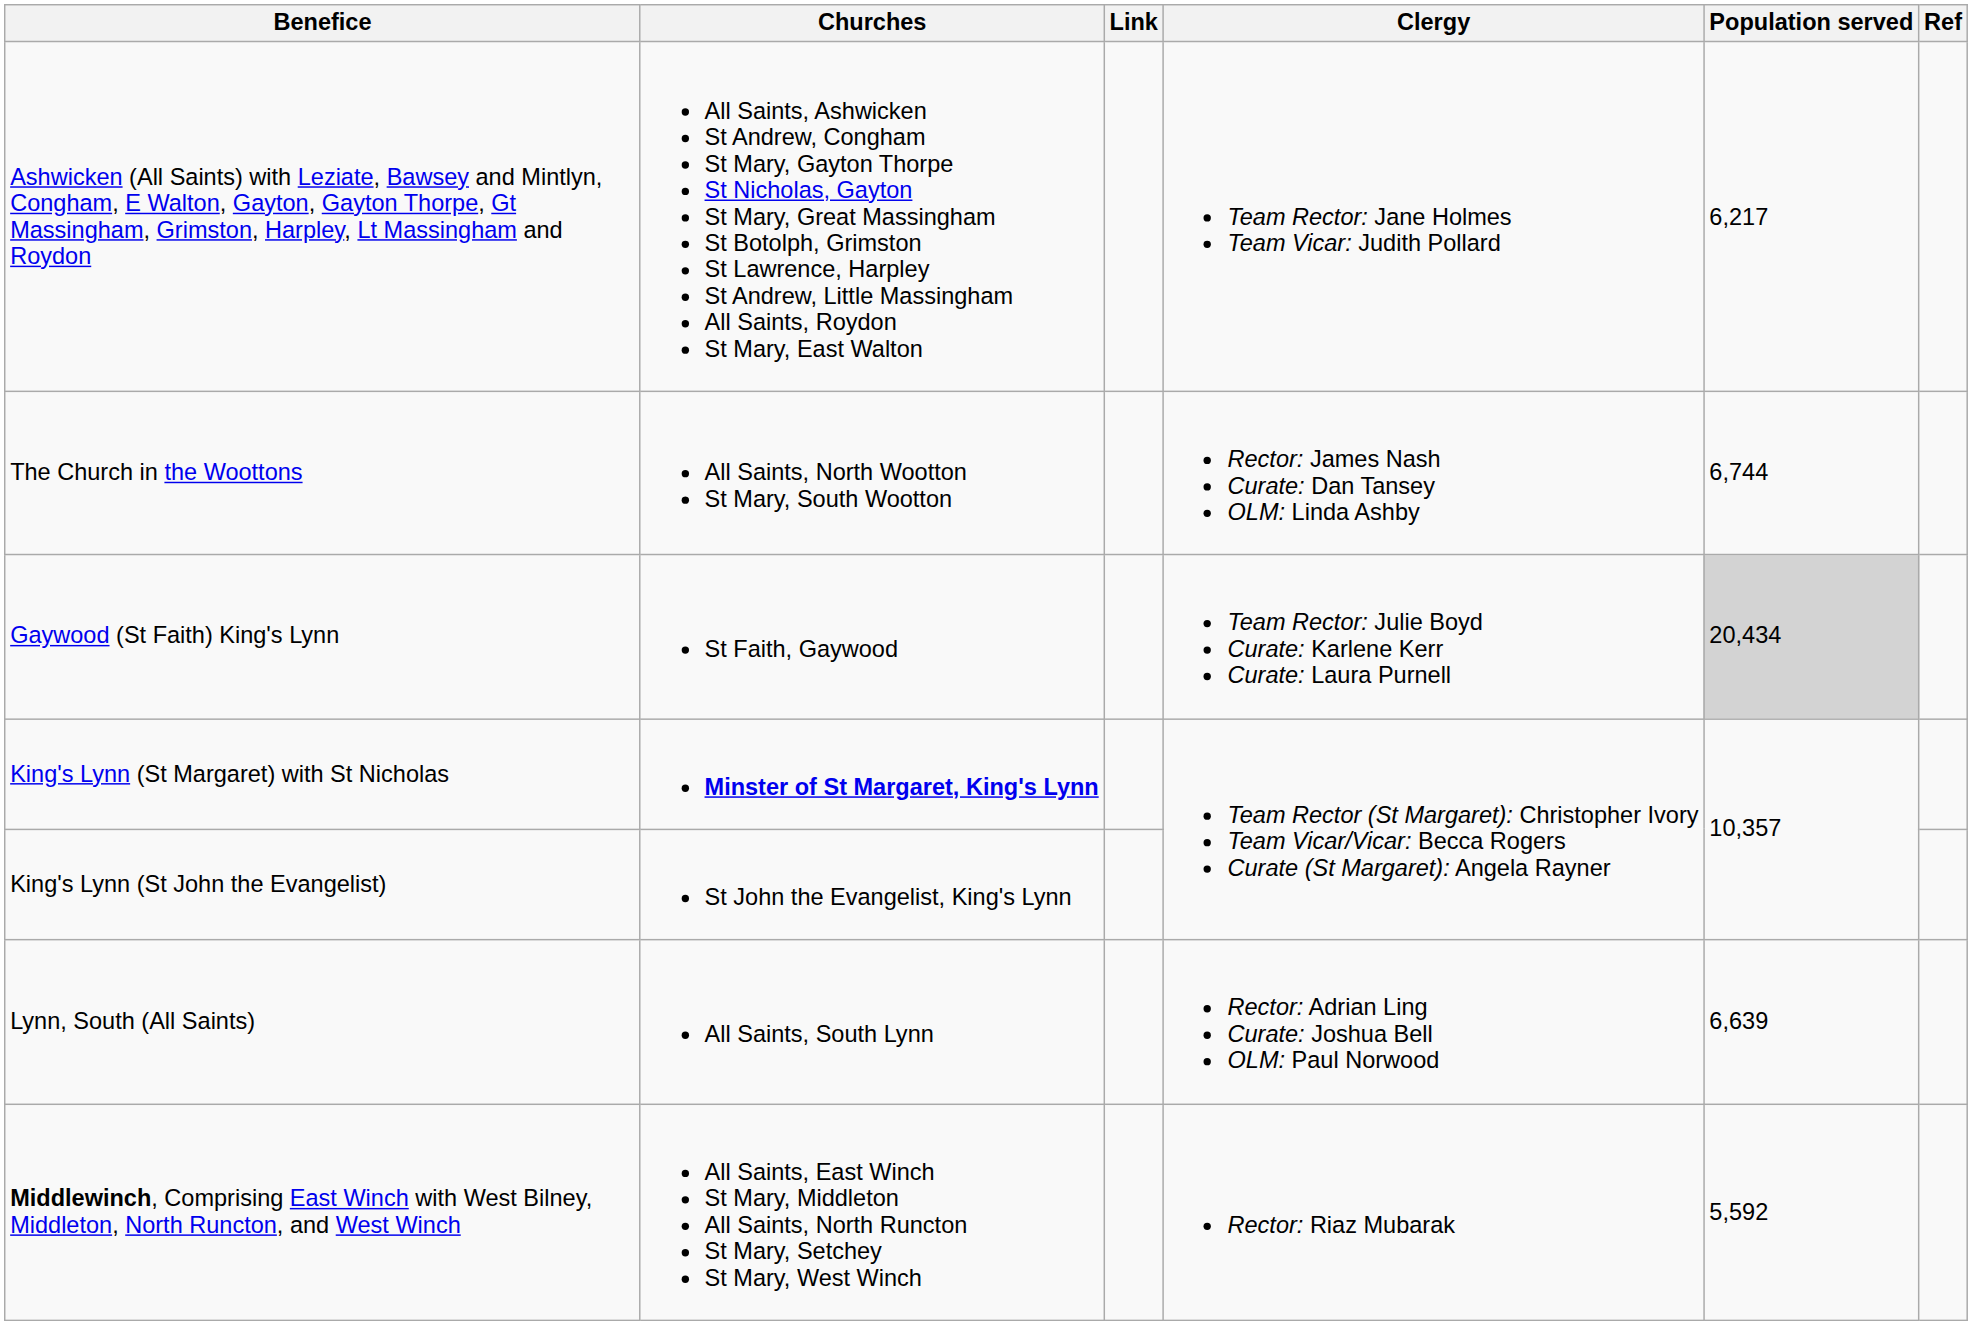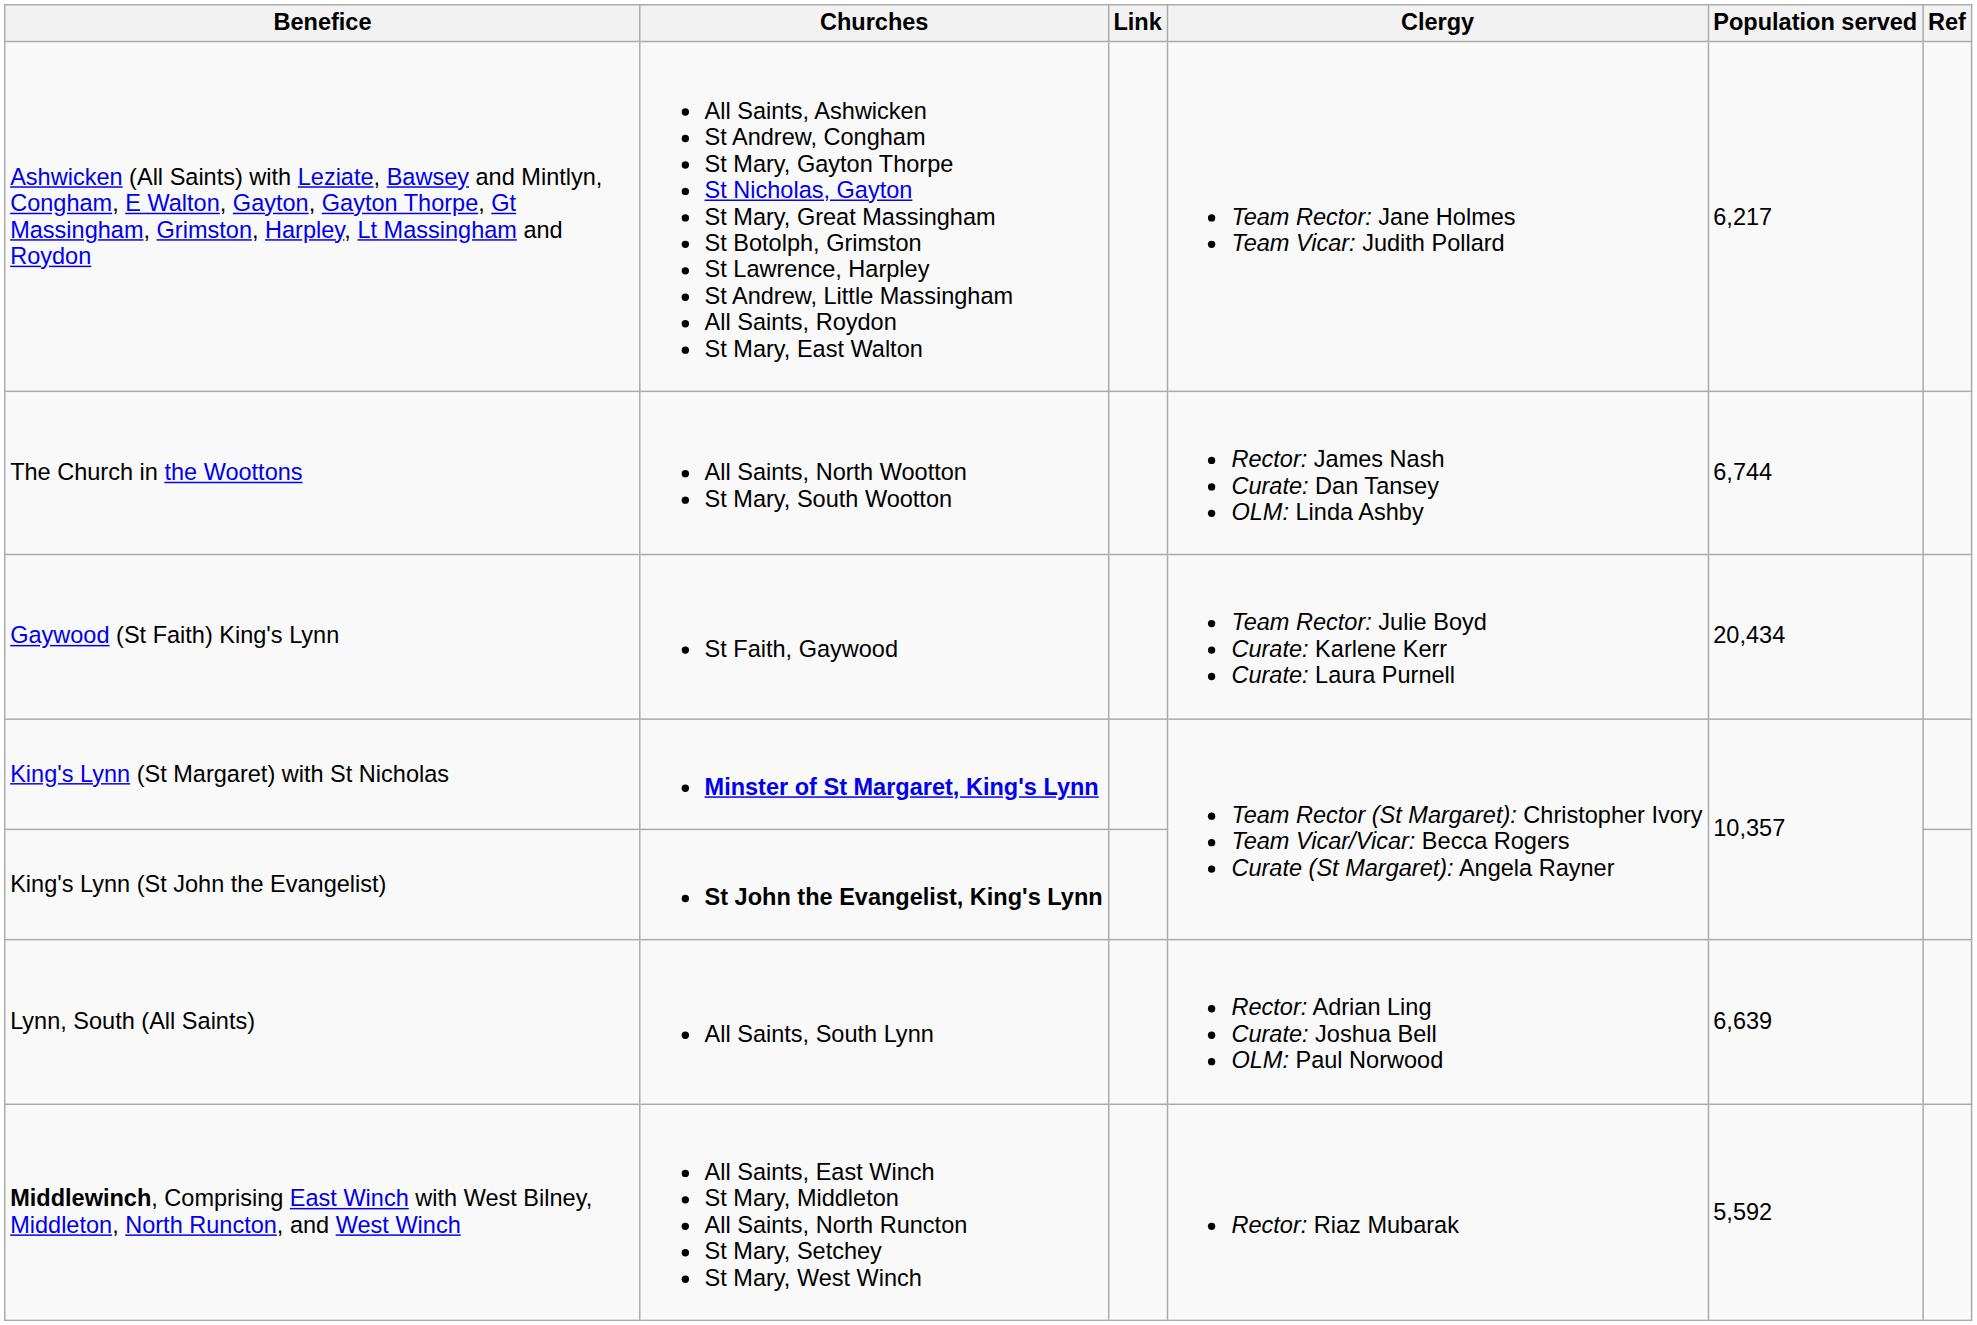 <table class="wikitable">
 <tr>
 <th width="425">Benefice</th>
 <th>Churches</th>
 <th>Link</th>
 <th>Clergy</th>
 <th>Population served</th>
 <th>Ref</th>
 </tr>
 <tr>
 <td><a href='#'>Ashwicken</a> (All Saints) with <a href='#'>Leziate</a>, <a href='#'>Bawsey</a> and Mintlyn, <a href='#'>Congham</a>, <a href='#'>E Walton</a>, <a href='#'>Gayton</a>, <a href='#'>Gayton Thorpe</a>, <a href='#'>Gt Massingham</a>, <a href='#'>Grimston</a>, <a href='#'>Harpley</a>, <a href='#'>Lt Massingham</a> and <a href='#'>Roydon</a></td>
 <td><br><ul><li>All Saints, Ashwicken</li><li>St Andrew, Congham</li><li>St Mary, Gayton Thorpe</li><li><a href='#'>St Nicholas, Gayton</a></li><li>St Mary, Great Massingham</li><li>St Botolph, Grimston</li><li>St Lawrence, Harpley</li><li>St Andrew, Little Massingham</li><li>All Saints, Roydon</li><li>St Mary, East Walton</li></ul></td>
 <td></td>
 <td><br><ul><li><em>Team Rector:</em> Jane Holmes</li><li><em>Team Vicar:</em> Judith Pollard</li></ul></td>
 <td>6,217</td>
 <td></td>
 </tr>
 <tr>
 <td>The Church in <a href='#'>the Woottons</a></td>
 <td><br><ul><li>All Saints, North Wootton</li><li>St Mary, South Wootton</li></ul></td>
 <td></td>
 <td><br><ul><li><em>Rector:</em> James Nash</li><li><em>Curate:</em> Dan Tansey</li><li><em>OLM:</em> Linda Ashby</li></ul></td>
 <td>6,744</td>
 <td></td>
 </tr>
 <tr>
 <td><a href='#'>Gaywood</a> (St Faith) King's Lynn</td>
 <td><br><ul><li>St Faith, Gaywood</li></ul></td>
 <td></td>
 <td><br><ul><li><em>Team Rector:</em> Julie Boyd</li><li><em>Curate:</em> Karlene Kerr</li><li><em>Curate:</em> Laura Purnell</li></ul></td>
-<td style="background: lightgrey;">20,434</td>
+<td>20,434</td>
 <td></td>
 </tr>
 <tr>
 <td><a href='#'>King's Lynn</a> (St Margaret) with St Nicholas</td>
 <td><strong><br><ul><li><a href='#'>Minster of St Margaret, King's Lynn</a></li></ul></strong></td>
 <td></td>
 <td rowspan="2"><br><ul><li><em>Team Rector (St Margaret):</em> Christopher Ivory</li><li><em>Team Vicar/Vicar:</em> Becca Rogers</li><li><em>Curate (St Margaret):</em> Angela Rayner</li></ul></td>
 <td rowspan="2">10,357</td>
 <td></td>
 </tr>
 <tr>
 <td>King's Lynn (St John the Evangelist)</td>
-<td><br><ul><li>St John the Evangelist, King's Lynn</li></ul></td>
+<td><strong><br><ul><li>St John the Evangelist, King's Lynn</li></ul></strong></td>
 <td></td>
 <td></td>
 </tr>
 <tr>
 <td>Lynn, South (All Saints)</td>
 <td><br><ul><li>All Saints, South Lynn</li></ul></td>
 <td></td>
 <td><br><ul><li><em>Rector:</em> Adrian Ling</li><li><em>Curate:</em> Joshua Bell</li><li><em>OLM:</em> Paul Norwood</li></ul></td>
 <td>6,639</td>
 <td></td>
 </tr>
 <tr>
 <td><strong>Middlewinch</strong>, Comprising <a href='#'>East Winch</a> with West Bilney, <a href='#'>Middleton</a>, <a href='#'>North Runcton</a>, and <a href='#'>West Winch</a></td>
 <td><br><ul><li>All Saints, East Winch</li><li>St Mary, Middleton</li><li>All Saints, North Runcton</li><li>St Mary, Setchey</li><li>St Mary, West Winch</li></ul></td>
 <td></td>
 <td><br><ul><li><em>Rector:</em> Riaz Mubarak</li></ul></td>
 <td>5,592</td>
 <td></td>
 </tr>
 </table>
